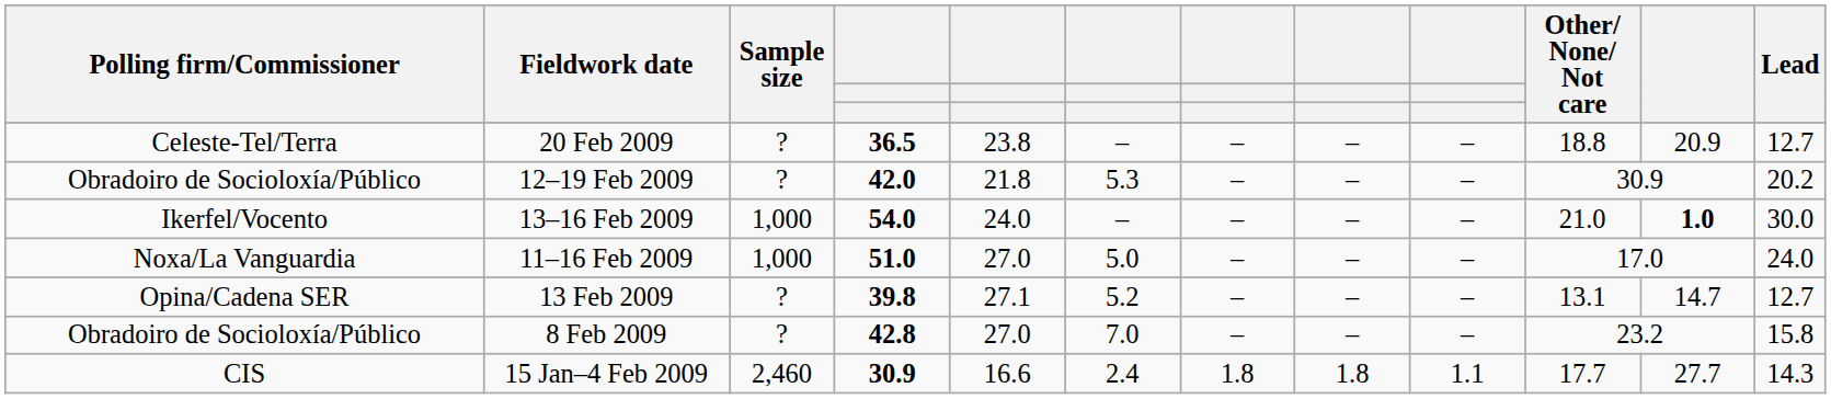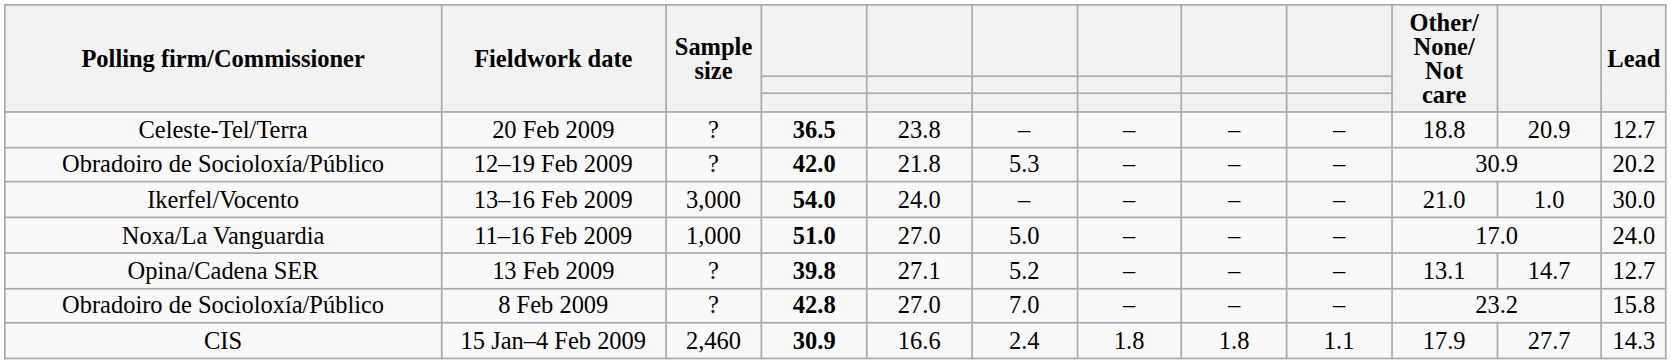 <table class="wikitable collapsible collapsed" style="text-align:center; font-size:90%; line-height:14px;">
 <tr style="height:42px;">
 <th style="width:250px;" rowspan="3">Polling firm/Commissioner</th>
 <th style="width:125px;" rowspan="3">Fieldwork date</th>
 <th style="width:50px;" rowspan="3">Sample size</th>
 <th style="width:55px;"></th>
 <th style="width:55px;"></th>
 <th style="width:55px;"></th>
 <th style="width:55px;"></th>
 <th style="width:55px;"></th>
 <th style="width:55px;"></th>
 <th style="width:55px;" rowspan="3">Other/<br>None/<br>Not<br>care</th>
 <th style="width:55px;" rowspan="3"></th>
 <th style="width:30px;" rowspan="3">Lead</th>
 </tr>
 <tr>
 <th style="color:inherit;background:"></th>
 <th style="color:inherit;background:"></th>
 <th style="color:inherit;background:"></th>
 <th style="color:inherit;background:"></th>
 <th style="color:inherit;background:"></th>
 <th style="color:inherit;background:"></th>
 </tr>
 <tr>
 <th></th>
 <th></th>
 <th></th>
 <th></th>
 <th></th>
 <th></th>
 </tr>
 <tr>
 <td>Celeste-Tel/Terra</td>
 <td>20 Feb 2009</td>
 <td>?</td>
 <td><strong>36.5</strong></td>
 <td>23.8</td>
 <td>–</td>
 <td>–</td>
 <td>–</td>
 <td>–</td>
 <td>18.8</td>
 <td>20.9</td>
 <td style="background:">12.7</td>
 </tr>
 <tr>
 <td>Obradoiro de Socioloxía/Público</td>
 <td>12–19 Feb 2009</td>
 <td>?</td>
 <td><strong>42.0</strong></td>
 <td>21.8</td>
 <td>5.3</td>
 <td>–</td>
 <td>–</td>
 <td>–</td>
 <td colspan="2">30.9</td>
 <td style="background:">20.2</td>
 </tr>
 <tr>
 <td>Ikerfel/Vocento</td>
 <td>13–16 Feb 2009</td>
-<td>1,000</td>
+<td>3,000</td>
 <td><strong>54.0</strong></td>
 <td>24.0</td>
 <td>–</td>
 <td>–</td>
 <td>–</td>
 <td>–</td>
 <td>21.0</td>
-<td><strong>1.0</strong></td>
+<td>1.0</td>
 <td style="background:">30.0</td>
 </tr>
 <tr>
 <td>Noxa/La Vanguardia</td>
 <td>11–16 Feb 2009</td>
 <td>1,000</td>
 <td><strong>51.0</strong></td>
 <td>27.0</td>
 <td>5.0</td>
 <td>–</td>
 <td>–</td>
 <td>–</td>
 <td colspan="2">17.0</td>
 <td style="background:">24.0</td>
 </tr>
 <tr>
 <td>Opina/Cadena SER</td>
 <td>13 Feb 2009</td>
 <td>?</td>
 <td><strong>39.8</strong></td>
 <td>27.1</td>
 <td>5.2</td>
 <td>–</td>
 <td>–</td>
 <td>–</td>
 <td>13.1</td>
 <td>14.7</td>
 <td style="background:">12.7</td>
 </tr>
 <tr>
 <td>Obradoiro de Socioloxía/Público</td>
 <td>8 Feb 2009</td>
 <td>?</td>
 <td><strong>42.8</strong></td>
 <td>27.0</td>
 <td>7.0</td>
 <td>–</td>
 <td>–</td>
 <td>–</td>
 <td colspan="2">23.2</td>
 <td style="background:">15.8</td>
 </tr>
 <tr>
 <td>CIS</td>
 <td>15 Jan–4 Feb 2009</td>
 <td>2,460</td>
 <td><strong>30.9</strong></td>
 <td>16.6</td>
 <td>2.4</td>
 <td>1.8</td>
 <td>1.8</td>
 <td>1.1</td>
-<td>17.7</td>
+<td>17.9</td>
 <td>27.7</td>
 <td style="background:">14.3</td>
 </tr>
 </table>
